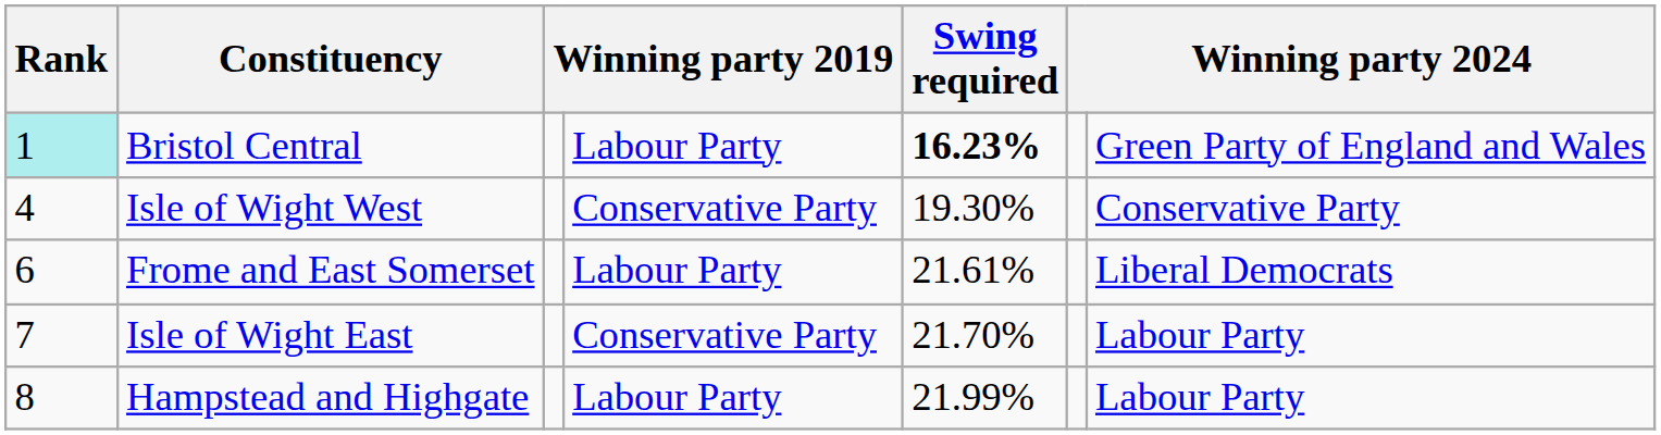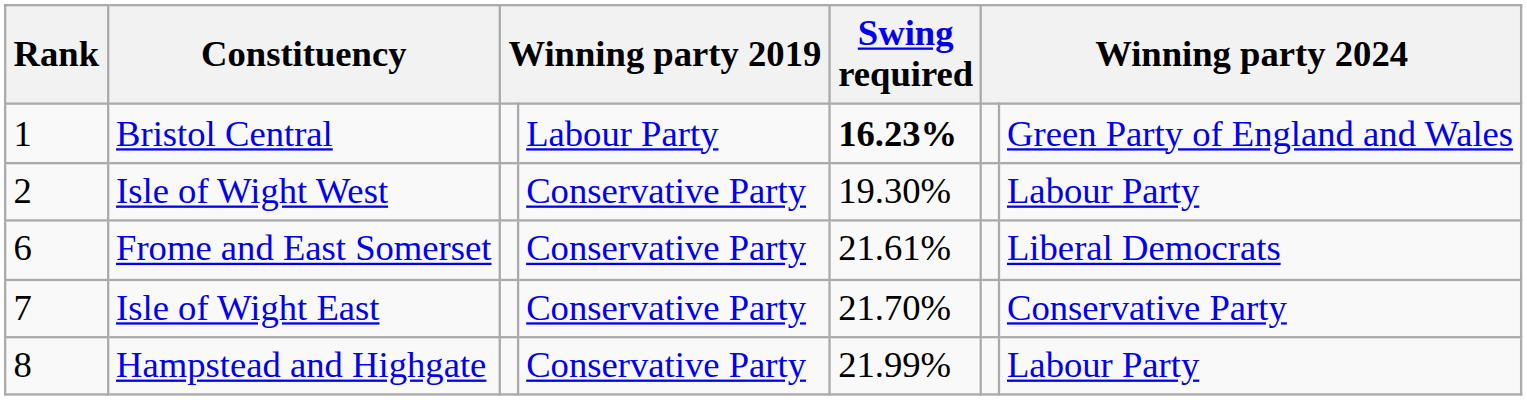 <table class="wikitable">
 <tr>
 <th>Rank</th>
 <th>Constituency</th>
 <th colspan="2">Winning party 2019</th>
 <th><a href='#'>Swing</a> <br>required</th>
 <th colspan="2">Winning party 2024</th>
 </tr>
 <tr>
-<td style="background: paleturquoise;">1</td>
+<td>1</td>
 <td><a href='#'>Bristol Central</a></td>
 <td class="unsortable" style="background-color: "></td>
 <td><a href='#'>Labour Party</a></td>
 <td><strong>16.23%</strong></td>
 <td class="unsortable" style="background-color: "></td>
 <td><a href='#'>Green Party of England and Wales</a></td>
 </tr>
 <tr>
-<td>4</td>
+<td>2</td>
 <td><a href='#'>Isle of Wight West</a></td>
 <td class="unsortable" style="background-color: "></td>
 <td><a href='#'>Conservative Party</a></td>
 <td>19.30%</td>
 <td class="unsortable" style="background-color: "></td>
-<td><a href='#'>Conservative Party</a></td>
+<td><a href='#'>Labour Party</a></td>
 </tr>
 <tr>
 <td>6</td>
 <td><a href='#'>Frome and East Somerset</a></td>
 <td class="unsortable" style="background-color: "></td>
-<td><a href='#'>Labour Party</a></td>
+<td><a href='#'>Conservative Party</a></td>
 <td>21.61%</td>
 <td class="unsortable" style="background-color: "></td>
 <td><a href='#'>Liberal Democrats</a></td>
 </tr>
 <tr>
 <td>7</td>
 <td><a href='#'>Isle of Wight East</a></td>
 <td class="unsortable" style="background-color: "></td>
 <td><a href='#'>Conservative Party</a></td>
 <td>21.70%</td>
 <td class="unsortable" style="background-color: "></td>
-<td><a href='#'>Labour Party</a></td>
+<td><a href='#'>Conservative Party</a></td>
 </tr>
 <tr>
 <td>8</td>
 <td><a href='#'>Hampstead and Highgate</a></td>
 <td class="unsortable" style="background-color: "></td>
-<td><a href='#'>Labour Party</a></td>
+<td><a href='#'>Conservative Party</a></td>
 <td>21.99%</td>
 <td class="unsortable" style="background-color: "></td>
 <td><a href='#'>Labour Party</a></td>
 </tr>
 </table>
